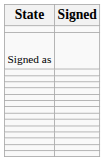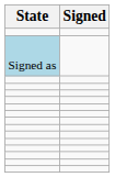 <table class="wikitable sortable">
 <tr>
 <th>State</th>
 <th>Signed</th>
 </tr>
 <tr>
 <td></td>
 <td></td>
 </tr>
 <tr>
-<td><br><small>Signed as </small></td>
+<td style="background: lightblue;"><br><small>Signed as </small></td>
 <td></td>
 </tr>
 <tr>
 <td></td>
 <td></td>
 </tr>
 <tr>
 <td></td>
 <td></td>
 </tr>
 <tr>
 <td></td>
 <td></td>
 </tr>
 <tr>
 <td></td>
 <td></td>
 </tr>
 <tr>
 <td></td>
 <td></td>
 </tr>
 <tr>
 <td></td>
 <td></td>
 </tr>
 <tr>
 <td></td>
 <td></td>
 </tr>
 <tr>
 <td></td>
 <td></td>
 </tr>
 <tr>
 <td></td>
 <td></td>
 </tr>
 <tr>
 <td></td>
 <td></td>
 </tr>
 <tr>
 <td></td>
 <td></td>
 </tr>
 <tr>
 <td></td>
 <td></td>
 </tr>
 <tr>
 <td></td>
 <td></td>
 </tr>
 <tr>
 <td></td>
 <td></td>
 </tr>
 </table>
